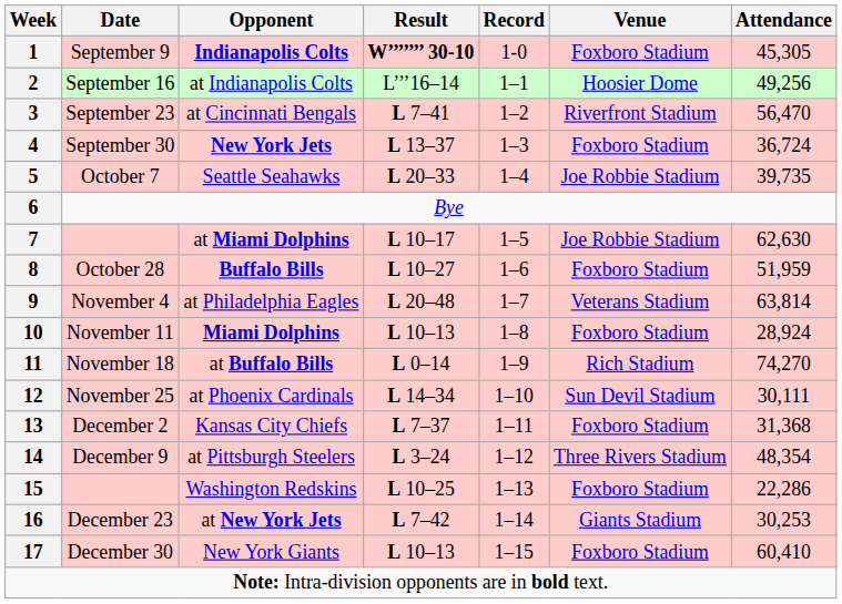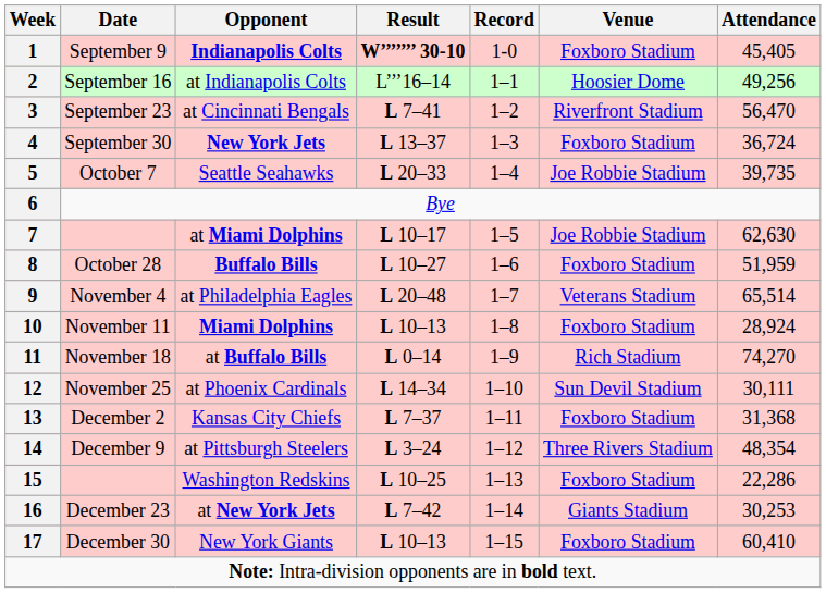 <table class="wikitable" style="text-align:center">
 <tr>
 <th>Week</th>
 <th>Date</th>
 <th>Opponent</th>
 <th>Result</th>
 <th>Record</th>
 <th>Venue</th>
 <th>Attendance</th>
 </tr>
 <tr style="background:#fcc">
 <th>1</th>
 <td>September 9</td>
 <td><strong><a href='#'>Indianapolis Colts</a></strong></td>
 <td><strong>W’’’’’’’ 30-10</td>
 <td>1-0</td>
 <td><a href='#'>Foxboro Stadium</a></td>
-<td>45,305</td>
+<td>45,405</td>
 </tr>
 <tr style="background:#cfc">
 <th>2</th>
 <td>September 16</td>
 <td>at </strong><a href='#'>Indianapolis Colts</a><strong></td>
 <td></strong>L’’’16–14</td>
 <td>1–1</td>
 <td><a href='#'>Hoosier Dome</a></td>
 <td>49,256</td>
 </tr>
 <tr style="background:#fcc">
 <th>3</th>
 <td>September 23</td>
 <td>at <a href='#'>Cincinnati Bengals</a></td>
 <td><strong>L</strong> 7–41</td>
 <td>1–2</td>
 <td><a href='#'>Riverfront Stadium</a></td>
 <td>56,470</td>
 </tr>
 <tr style="background:#fcc">
 <th>4</th>
 <td>September 30</td>
 <td><strong><a href='#'>New York Jets</a></strong></td>
 <td><strong>L</strong> 13–37</td>
 <td>1–3</td>
 <td><a href='#'>Foxboro Stadium</a></td>
 <td>36,724</td>
 </tr>
 <tr style="background:#fcc">
 <th>5</th>
 <td>October 7</td>
 <td><a href='#'>Seattle Seahawks</a></td>
 <td><strong>L</strong> 20–33</td>
 <td>1–4</td>
 <td><a href='#'>Joe Robbie Stadium</a></td>
 <td>39,735</td>
 </tr>
 <tr>
 <th>6</th>
 <td colspan="7"><em><a href='#'>Bye</a></em></td>
 </tr>
 <tr style="background:#fcc">
 <th>7</th>
 <td></td>
 <td>at <strong><a href='#'>Miami Dolphins</a></strong></td>
 <td><strong>L</strong> 10–17</td>
 <td>1–5</td>
 <td><a href='#'>Joe Robbie Stadium</a></td>
 <td>62,630</td>
 </tr>
 <tr style="background:#fcc">
 <th>8</th>
 <td>October 28</td>
 <td><strong><a href='#'>Buffalo Bills</a></strong></td>
 <td><strong>L</strong> 10–27</td>
 <td>1–6</td>
 <td><a href='#'>Foxboro Stadium</a></td>
 <td>51,959</td>
 </tr>
 <tr style="background:#fcc">
 <th>9</th>
 <td>November 4</td>
 <td>at <a href='#'>Philadelphia Eagles</a></td>
 <td><strong>L</strong> 20–48</td>
 <td>1–7</td>
 <td><a href='#'>Veterans Stadium</a></td>
-<td>63,814</td>
+<td>65,514</td>
 </tr>
 <tr style="background:#fcc">
 <th>10</th>
 <td>November 11</td>
 <td><strong><a href='#'>Miami Dolphins</a></strong></td>
 <td><strong>L</strong> 10–13</td>
 <td>1–8</td>
 <td><a href='#'>Foxboro Stadium</a></td>
 <td>28,924</td>
 </tr>
 <tr style="background:#fcc">
 <th>11</th>
 <td>November 18</td>
 <td>at <strong><a href='#'>Buffalo Bills</a></strong></td>
 <td><strong>L</strong> 0–14</td>
 <td>1–9</td>
 <td><a href='#'>Rich Stadium</a></td>
 <td>74,270</td>
 </tr>
 <tr style="background:#fcc">
 <th>12</th>
 <td>November 25</td>
 <td>at <a href='#'>Phoenix Cardinals</a></td>
 <td><strong>L</strong> 14–34</td>
 <td>1–10</td>
 <td><a href='#'>Sun Devil Stadium</a></td>
 <td>30,111</td>
 </tr>
 <tr style="background:#fcc">
 <th>13</th>
 <td>December 2</td>
 <td><a href='#'>Kansas City Chiefs</a></td>
 <td><strong>L</strong> 7–37</td>
 <td>1–11</td>
 <td><a href='#'>Foxboro Stadium</a></td>
 <td>31,368</td>
 </tr>
 <tr style="background:#fcc">
 <th>14</th>
 <td>December 9</td>
 <td>at <a href='#'>Pittsburgh Steelers</a></td>
 <td><strong>L</strong> 3–24</td>
 <td>1–12</td>
 <td><a href='#'>Three Rivers Stadium</a></td>
 <td>48,354</td>
 </tr>
 <tr style="background:#fcc">
 <th>15</th>
 <td></td>
 <td><a href='#'>Washington Redskins</a></td>
 <td><strong>L</strong> 10–25</td>
 <td>1–13</td>
 <td><a href='#'>Foxboro Stadium</a></td>
 <td>22,286</td>
 </tr>
 <tr style="background:#fcc">
 <th>16</th>
 <td>December 23</td>
 <td>at <strong><a href='#'>New York Jets</a></strong></td>
 <td><strong>L</strong> 7–42</td>
 <td>1–14</td>
 <td><a href='#'>Giants Stadium</a></td>
 <td>30,253</td>
 </tr>
 <tr style="background:#fcc">
 <th>17</th>
 <td>December 30</td>
 <td><a href='#'>New York Giants</a></td>
 <td><strong>L</strong> 10–13</td>
 <td>1–15</td>
 <td><a href='#'>Foxboro Stadium</a></td>
 <td>60,410</td>
 </tr>
 <tr>
 <td colspan="8"><strong>Note:</strong> Intra-division opponents are in <strong>bold</strong> text.</td>
 </tr>
 </table>
